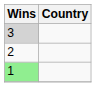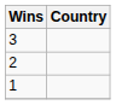 <table class="wikitable">
 <tr>
 <th>Wins</th>
 <th>Country</th>
 </tr>
 <tr>
-<td style="background: lightgrey;">3</td>
+<td>3</td>
 <td></td>
 </tr>
 <tr>
 <td>2</td>
 <td></td>
 </tr>
 <tr>
-<td style="background: lightgreen;">1</td>
+<td>1</td>
 <td></td>
 </tr>
 <tr>
 </tr>
 </table>
